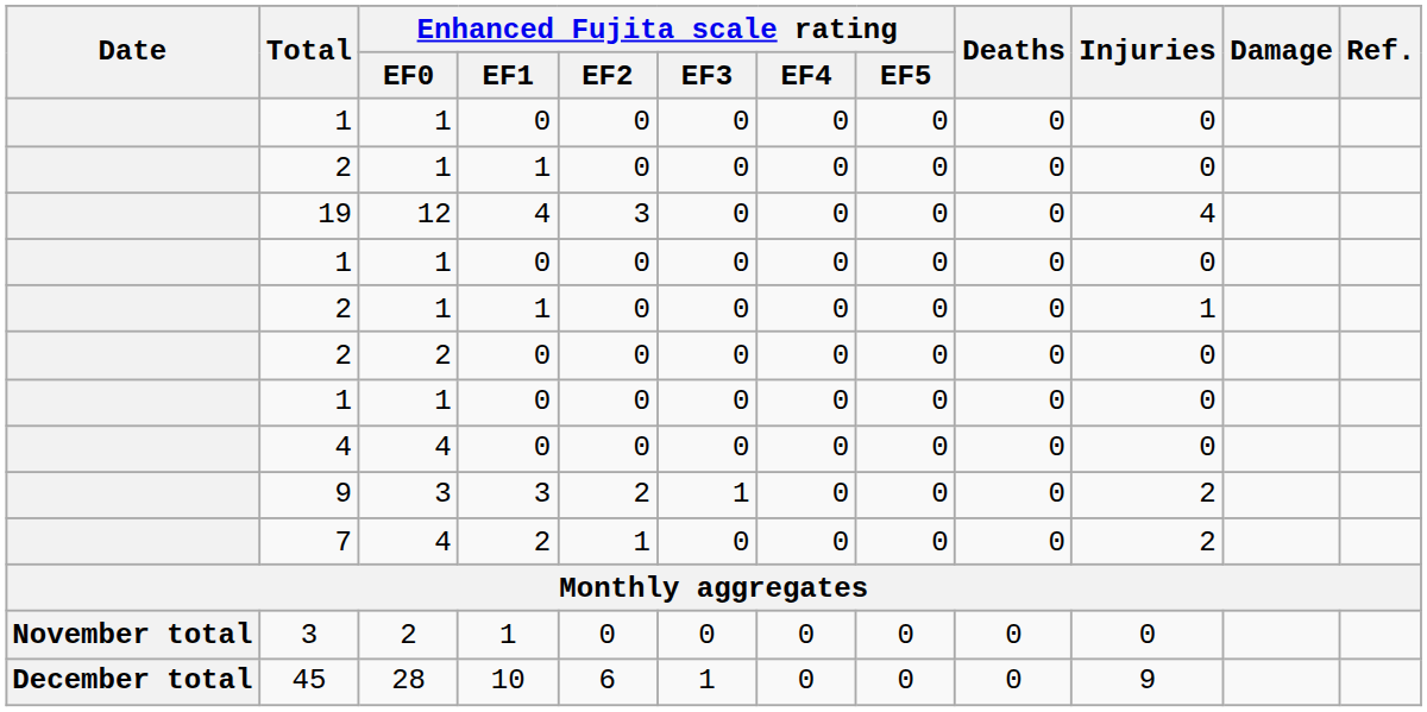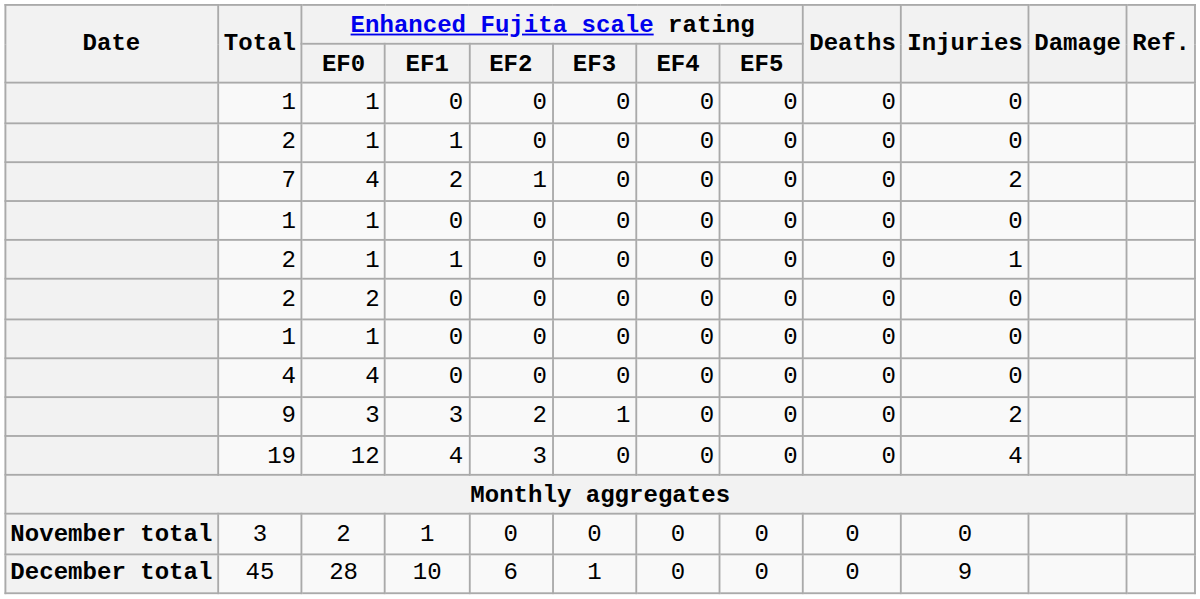 <table class="wikitable sortable" style="margin: 1em auto 1em auto;">
 <tr>
 <th scope="col" rowspan="2">Date</th>
 <th scope="col" rowspan="2" align="center">Total</th>
 <th scope="col" colspan="6" align="center"><a href='#'>Enhanced Fujita scale</a> rating</th>
 <th scope="col" rowspan="2" align="center">Deaths</th>
 <th scope="col" rowspan="2" align="center">Injuries</th>
 <th scope="col" rowspan="2" align="center">Damage</th>
 <th scope="col" rowspan="2" align="center" class="unsortable">Ref.</th>
 </tr>
 <tr>
 <th scope="col" align="center"> EF0 </th>
 <th scope="col" align="center"> EF1 </th>
 <th scope="col" align="center"> EF2 </th>
 <th scope="col" align="center"> EF3 </th>
 <th scope="col" align="center"> EF4 </th>
 <th scope="col" align="center"> EF5 </th>
 </tr>
 <tr>
 <th scope="row"></th>
 <td align="right">1</td>
 <td align="right">1</td>
 <td align="right">0</td>
 <td align="right">0</td>
 <td align="right">0</td>
 <td align="right">0</td>
 <td align="right">0</td>
 <td align="right">0</td>
 <td align="right">0</td>
 <td align="right"></td>
 <td></td>
 </tr>
 <tr>
 <th scope="row"></th>
 <td align="right">2</td>
 <td align="right">1</td>
 <td align="right">1</td>
 <td align="right">0</td>
 <td align="right">0</td>
 <td align="right">0</td>
 <td align="right">0</td>
 <td align="right">0</td>
 <td align="right">0</td>
 <td align="right"></td>
 <td></td>
 </tr>
 <tr>
 <th scope="row"></th>
-<td align="right">19</td>
-<td align="right">12</td>
+<td align="right">7</td>
 <td align="right">4</td>
-<td align="right">3</td>
+<td align="right">2</td>
+<td align="right">1</td>
 <td align="right">0</td>
 <td align="right">0</td>
 <td align="right">0</td>
 <td align="right">0</td>
-<td align="right">4</td>
+<td align="right">2</td>
 <td align="right"></td>
 <td></td>
 </tr>
 <tr>
 <th scope="row"></th>
 <td align="right">1</td>
 <td align="right">1</td>
 <td align="right">0</td>
 <td align="right">0</td>
 <td align="right">0</td>
 <td align="right">0</td>
 <td align="right">0</td>
 <td align="right">0</td>
 <td align="right">0</td>
 <td align="right"></td>
 <td></td>
 </tr>
 <tr>
 <th scope="row"></th>
 <td align="right">2</td>
 <td align="right">1</td>
 <td align="right">1</td>
 <td align="right">0</td>
 <td align="right">0</td>
 <td align="right">0</td>
 <td align="right">0</td>
 <td align="right">0</td>
 <td align="right">1</td>
 <td align="right"></td>
 <td></td>
 </tr>
 <tr>
 <th scope="row"></th>
 <td align="right">2</td>
 <td align="right">2</td>
 <td align="right">0</td>
 <td align="right">0</td>
 <td align="right">0</td>
 <td align="right">0</td>
 <td align="right">0</td>
 <td align="right">0</td>
 <td align="right">0</td>
 <td align="right"></td>
 <td></td>
 </tr>
 <tr>
 <th scope="row"></th>
 <td align="right">1</td>
 <td align="right">1</td>
 <td align="right">0</td>
 <td align="right">0</td>
 <td align="right">0</td>
 <td align="right">0</td>
 <td align="right">0</td>
 <td align="right">0</td>
 <td align="right">0</td>
 <td align="right"></td>
 <td></td>
 </tr>
 <tr>
 <th scope="row"></th>
 <td align="right">4</td>
 <td align="right">4</td>
 <td align="right">0</td>
 <td align="right">0</td>
 <td align="right">0</td>
 <td align="right">0</td>
 <td align="right">0</td>
 <td align="right">0</td>
 <td align="right">0</td>
 <td align="right"></td>
 <td></td>
 </tr>
 <tr>
 <th scope="row"></th>
 <td align="right">9</td>
 <td align="right">3</td>
 <td align="right">3</td>
 <td align="right">2</td>
 <td align="right">1</td>
 <td align="right">0</td>
 <td align="right">0</td>
 <td align="right">0</td>
 <td align="right">2</td>
 <td align="right"></td>
 <td></td>
 </tr>
 <tr>
 <th scope="row"></th>
-<td align="right">7</td>
+<td align="right">19</td>
+<td align="right">12</td>
 <td align="right">4</td>
-<td align="right">2</td>
-<td align="right">1</td>
+<td align="right">3</td>
 <td align="right">0</td>
 <td align="right">0</td>
 <td align="right">0</td>
 <td align="right">0</td>
-<td align="right">2</td>
+<td align="right">4</td>
 <td align="right"></td>
 <td></td>
 </tr>
 <tr class="sortbottom">
 <th scope="col" colspan="12">Monthly aggregates</th>
 </tr>
 <tr class="sortbottom">
 <th scope="row">November total</th>
 <td align="center">3</td>
 <td align="center">2</td>
 <td align="center">1</td>
 <td align="center">0</td>
 <td align="center">0</td>
 <td align="center">0</td>
 <td align="center">0</td>
 <td align="center">0</td>
 <td align="center">0</td>
 <td align="right"></td>
 <td></td>
 </tr>
 <tr class="sortbottom">
 <th scope="row">December total</th>
 <td align="center">45</td>
 <td align="center">28</td>
 <td align="center">10</td>
 <td align="center">6</td>
 <td align="center">1</td>
 <td align="center">0</td>
 <td align="center">0</td>
 <td align="center">0</td>
 <td align="center">9</td>
 <td align="right"></td>
 <td></td>
 </tr>
 </table>
